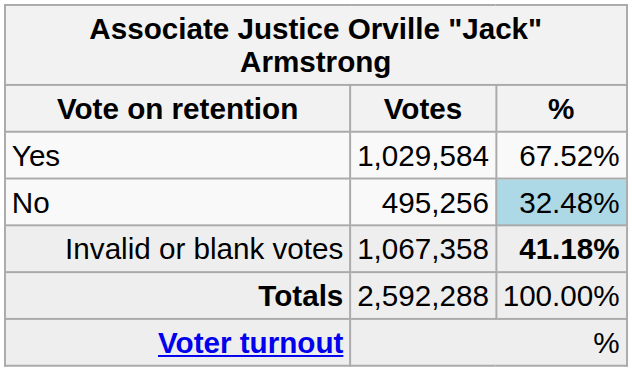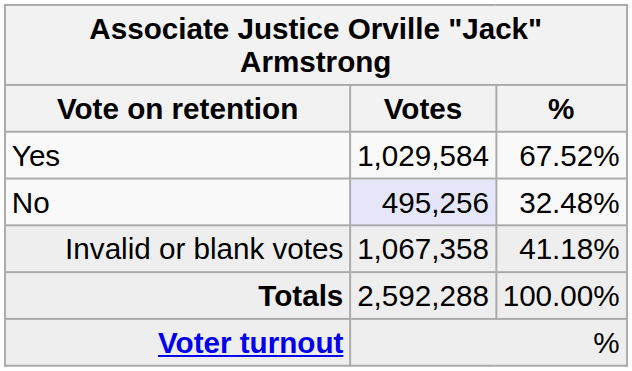 <table class="wikitable" style="font-size: 95%;">
 <tr style="background-color:#E9E9E9">
 <th colspan=7>Associate Justice Orville "Jack" Armstrong</th>
 </tr>
 <tr style="background-color:#E9E9E9">
 <th style="width: 170px">Vote on retention</th>
 <th style="width: 50px">Votes</th>
 <th style="width: 40px">%</th>
 </tr>
 <tr>
 <td>Yes</td>
 <td align="right">1,029,584</td>
 <td align="right">67.52%</td>
 </tr>
 <tr>
 <td>No</td>
-<td align="right">495,256</td>
-<td align="right" style="background: lightblue;">32.48%</td>
+<td align="right" style="background: lavender;">495,256</td>
+<td align="right">32.48%</td>
 </tr>
 <tr style="background-color:#EEEEEE">
 <td align="right">Invalid or blank votes</td>
 <td align="right">1,067,358</td>
-<td align="right"><strong>41.18%</strong></td>
+<td align="right">41.18%</td>
 </tr>
 <tr style="background-color:#EEEEEE">
 <td colspan="1" align="right"><strong>Totals</strong></td>
 <td align="right">2,592,288</td>
 <td align="right">100.00%</td>
 </tr>
 <tr style="background-color:#EEEEEE">
 <td align="right"><strong><a href='#'>Voter turnout</a></strong></td>
 <td colspan="2" align="right">%</td>
 </tr>
 </table>
